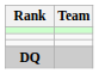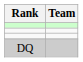 <table class="wikitable" style="text-align: center">
 <tr>
 <th width=50>Rank</th>
 <th>Team</th>
 </tr>
 <tr bgcolor=#ccffcc>
 <td></td>
 <td align=left></td>
 </tr>
 <tr>
 <td></td>
 <td align=left></td>
 </tr>
 <tr>
 <td></td>
 <td align=left></td>
 </tr>
 <tr bgcolor=#cccccc>
-<td><strong>DQ</strong></td>
+<td>DQ</td>
 <td align=left></td>
 </tr>
 </table>
